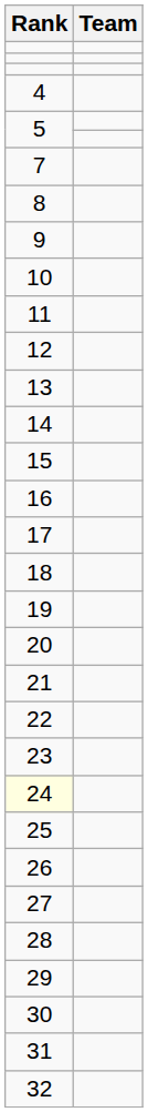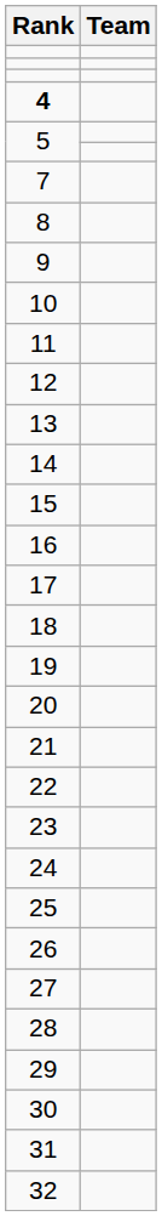 <table class="wikitable" style="text-align:center;">
 <tr>
 <th width=40>Rank</th>
 <th>Team</th>
 </tr>
 <tr>
 <td></td>
 <td style="text-align:left;"></td>
 </tr>
 <tr>
 <td></td>
 <td style="text-align:left;"></td>
 </tr>
 <tr>
 <td></td>
 <td style="text-align:left;"></td>
 </tr>
 <tr>
-<td>4</td>
+<td><strong>4</strong></td>
 <td style="text-align:left;"></td>
 </tr>
 <tr>
 <td rowspan=2>5</td>
 <td style="text-align:left;"></td>
 </tr>
 <tr>
 <td style="text-align:left;"></td>
 </tr>
 <tr>
 <td>7</td>
 <td style="text-align:left;"></td>
 </tr>
 <tr>
 <td>8</td>
 <td style="text-align:left;"></td>
 </tr>
 <tr>
 <td>9</td>
 <td style="text-align:left;"></td>
 </tr>
 <tr>
 <td>10</td>
 <td style="text-align:left;"></td>
 </tr>
 <tr>
 <td>11</td>
 <td style="text-align:left;"></td>
 </tr>
 <tr>
 <td>12</td>
 <td style="text-align:left;"></td>
 </tr>
 <tr>
 <td>13</td>
 <td style="text-align:left;"></td>
 </tr>
 <tr>
 <td>14</td>
 <td style="text-align:left;"></td>
 </tr>
 <tr>
 <td>15</td>
 <td style="text-align:left;"></td>
 </tr>
 <tr>
 <td>16</td>
 <td style="text-align:left;"></td>
 </tr>
 <tr>
 <td>17</td>
 <td style="text-align:left;"></td>
 </tr>
 <tr>
 <td>18</td>
 <td style="text-align:left;"></td>
 </tr>
 <tr>
 <td>19</td>
 <td style="text-align:left;"></td>
 </tr>
 <tr>
 <td>20</td>
 <td style="text-align:left;"></td>
 </tr>
 <tr>
 <td>21</td>
 <td style="text-align:left;"></td>
 </tr>
 <tr>
 <td>22</td>
 <td style="text-align:left;"></td>
 </tr>
 <tr>
 <td>23</td>
 <td style="text-align:left;"></td>
 </tr>
 <tr>
-<td style="background: lightyellow;">24</td>
+<td>24</td>
 <td style="text-align:left;"></td>
 </tr>
 <tr>
 <td>25</td>
 <td style="text-align:left;"></td>
 </tr>
 <tr>
 <td>26</td>
 <td style="text-align:left;"></td>
 </tr>
 <tr>
 <td>27</td>
 <td style="text-align:left;"></td>
 </tr>
 <tr>
 <td>28</td>
 <td style="text-align:left;"></td>
 </tr>
 <tr>
 <td>29</td>
 <td style="text-align:left;"></td>
 </tr>
 <tr>
 <td>30</td>
 <td style="text-align:left;"></td>
 </tr>
 <tr>
 <td>31</td>
 <td style="text-align:left;"></td>
 </tr>
 <tr>
 <td>32</td>
 <td style="text-align:left;"></td>
 </tr>
 </table>
